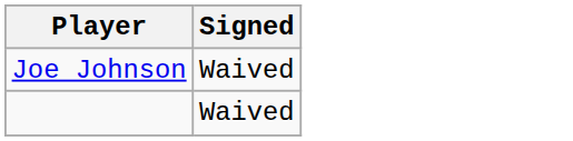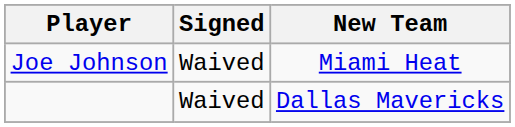 <table class="wikitable sortable sortable">
 <tr>
 <th>Player</th>
 <th>Signed</th>
+<th>New Team</th>
 </tr>
 <tr style="text-align: center">
 <td><a href='#'>Joe Johnson</a></td>
 <td>Waived</td>
+<td><a href='#'>Miami Heat</a></td>
 </tr>
 <tr style="text-align: center">
 <td></td>
 <td>Waived</td>
+<td><a href='#'>Dallas Mavericks</a></td>
 </tr>
 </table>
